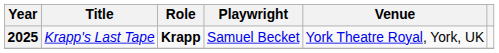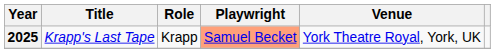 <table class="wikitable plainrowheaders" style="margin-right: 0;">
 <tr>
 <th scope="col">Year</th>
 <th scope="col">Title</th>
 <th scope="col">Role</th>
 <th scope="col">Playwright</th>
 <th scope="col" class="unsortable">Venue</th>
 <th scope="col" class="unsortable"></th>
 </tr>
 <tr>
 <th scope="row">2025</th>
 <td><em><a href='#'>Krapp's Last Tape</a></em></td>
-<td><strong>Krapp</strong></td>
-<td><a href='#'>Samuel Becket</a></td>
+<td>Krapp</td>
+<td style="background: lightsalmon;"><a href='#'>Samuel Becket</a></td>
 <td><a href='#'>York Theatre Royal</a>, York, UK</td>
 <td></td>
 </tr>
 <tr>
 </tr>
 </table>
